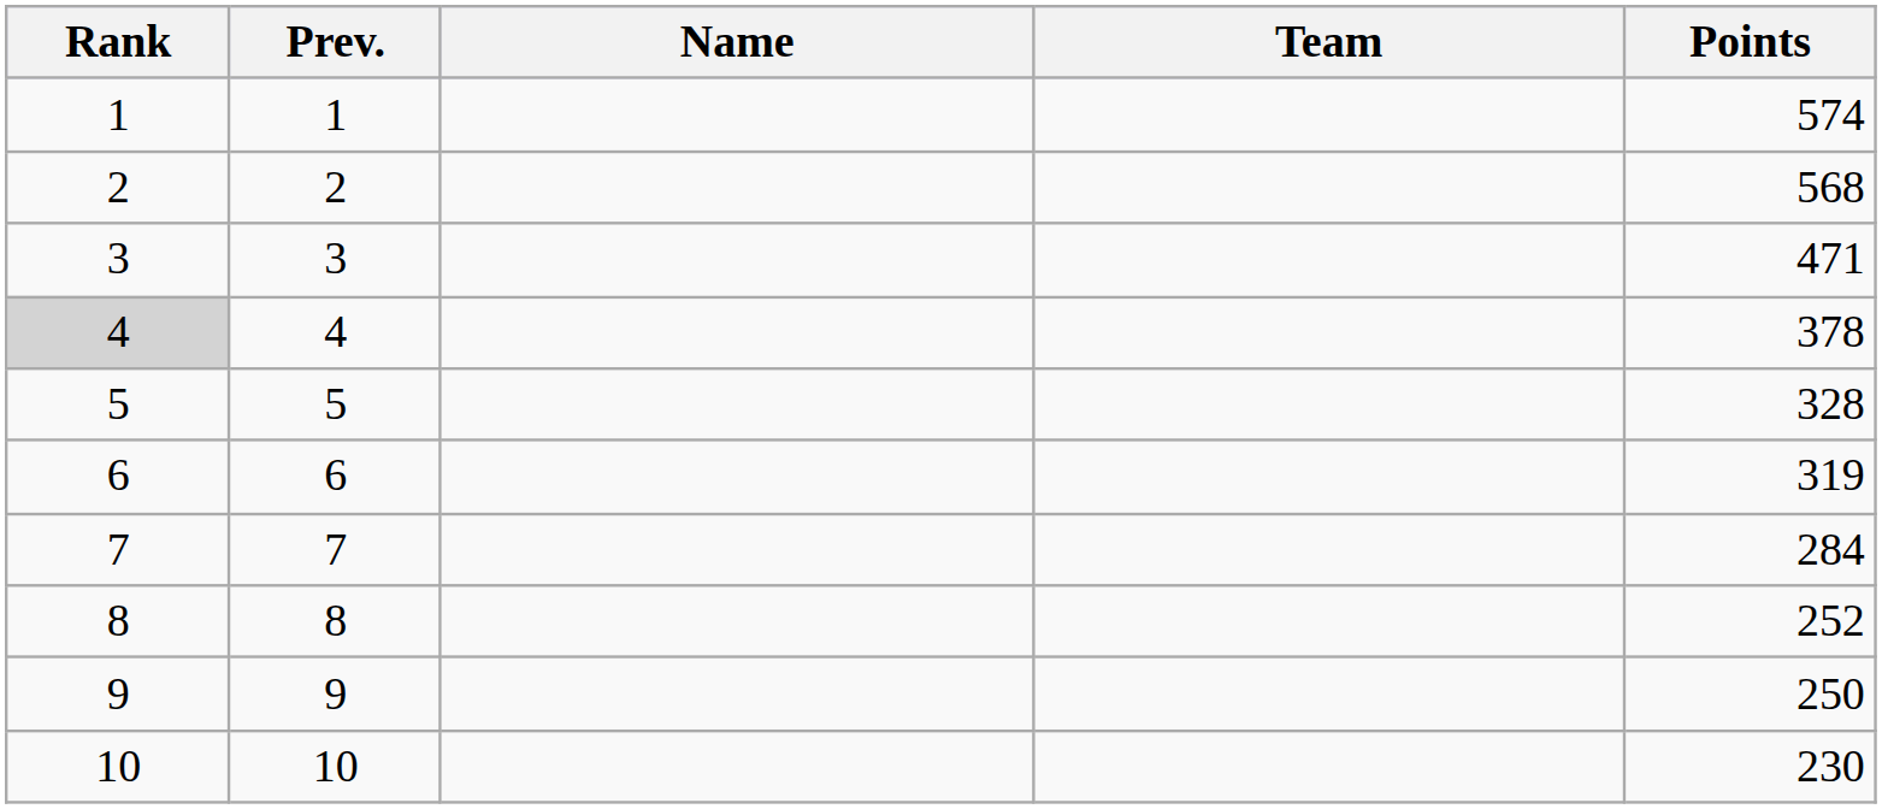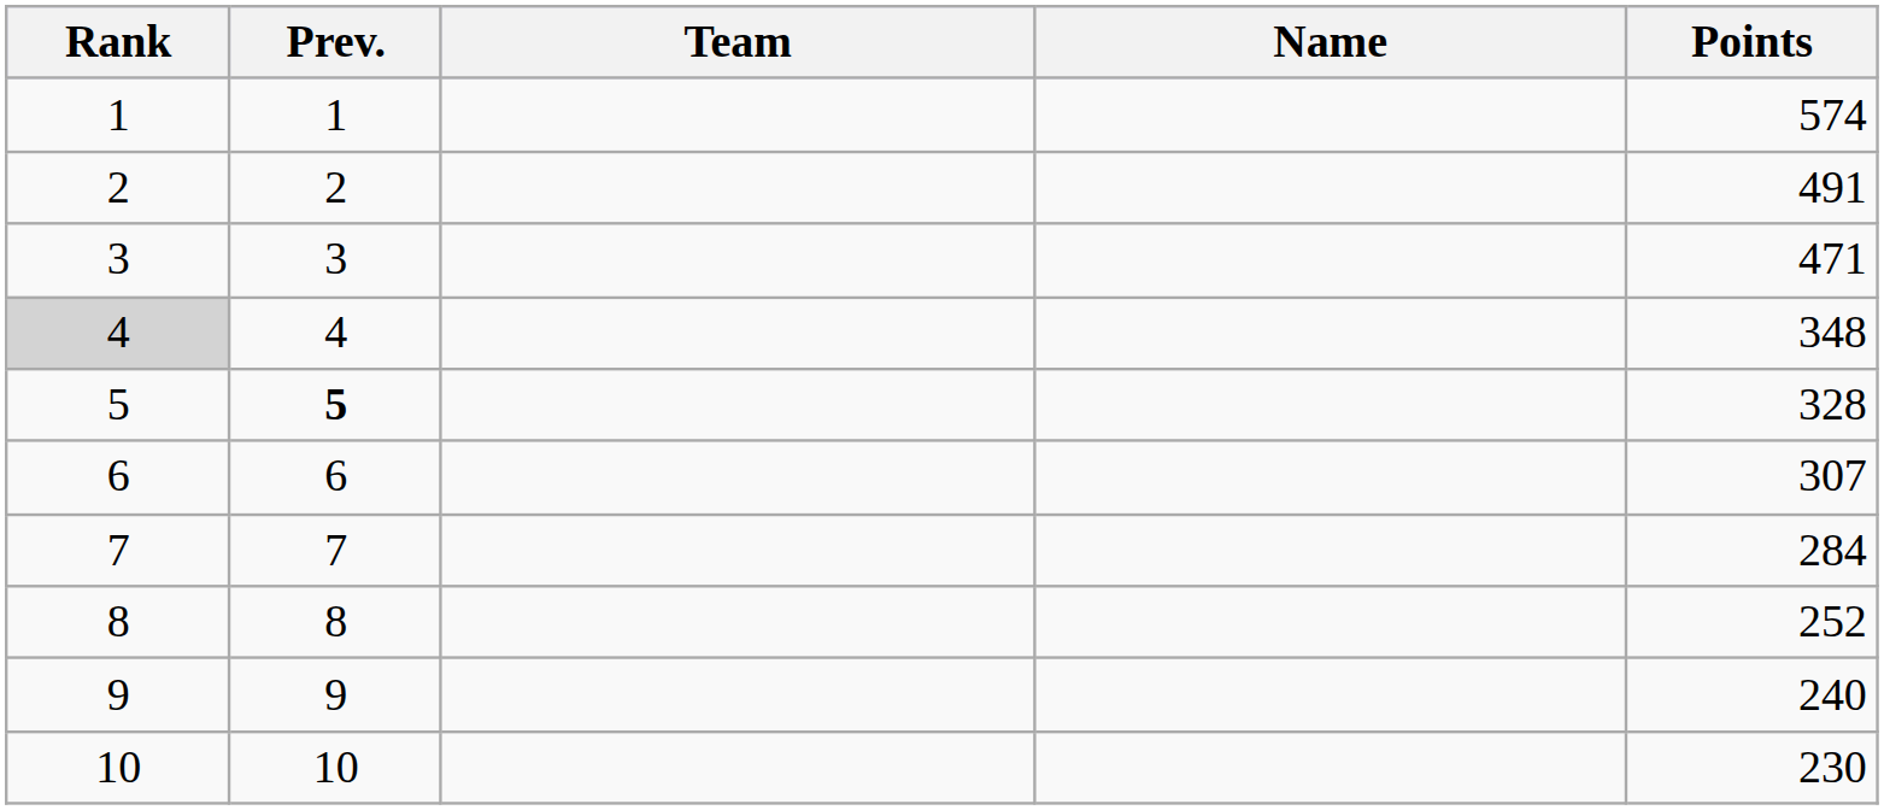 <table class="wikitable" style="width:41em; margin-bottom:0;">
 <tr style="background:#ccf;">
 <th>Rank</th>
 <th>Prev.</th>
+<th>Team</th>
 <th>Name</th>
-<th>Team</th>
 <th>Points</th>
 </tr>
 <tr>
 <td style="text-align:center;">1</td>
 <td style="text-align:center;">1</td>
 <td style="width:200px;"></td>
 <td style="width:200px;"></td>
 <td style="text-align:right;">574</td>
 </tr>
 <tr>
 <td style="text-align:center;">2</td>
 <td style="text-align:center;">2</td>
 <td style="width:200px;"></td>
 <td style="width:200px;"></td>
-<td style="text-align:right;">568</td>
+<td style="text-align:right;">491</td>
 </tr>
 <tr>
 <td style="text-align:center;">3</td>
 <td style="text-align:center;">3</td>
 <td style="width:200px;"></td>
 <td style="width:200px;"></td>
 <td style="text-align:right;">471</td>
 </tr>
 <tr>
 <td style="background: lightgrey; text-align:center;">4</td>
 <td style="text-align:center;">4</td>
 <td style="width:200px;"></td>
 <td style="width:200px;"></td>
-<td style="text-align:right;">378</td>
+<td style="text-align:right;">348</td>
 </tr>
 <tr>
 <td style="text-align:center;">5</td>
-<td style="text-align:center;">5</td>
+<td style="text-align:center;"><strong>5</strong></td>
 <td style="width:200px;"></td>
 <td style="width:200px;"></td>
 <td style="text-align:right;">328</td>
 </tr>
 <tr>
 <td style="text-align:center;">6</td>
 <td style="text-align:center;">6</td>
 <td style="width:200px;"></td>
 <td style="width:200px;"></td>
-<td style="text-align:right;">319</td>
+<td style="text-align:right;">307</td>
 </tr>
 <tr>
 <td style="text-align:center;">7</td>
 <td style="text-align:center;">7</td>
 <td style="width:200px;"></td>
 <td style="width:200px;"></td>
 <td style="text-align:right;">284</td>
 </tr>
 <tr>
 <td style="text-align:center;">8</td>
 <td style="text-align:center;">8</td>
 <td style="width:200px;"></td>
 <td style="width:200px;"></td>
 <td style="text-align:right;">252</td>
 </tr>
 <tr>
 <td style="text-align:center;">9</td>
 <td style="text-align:center;">9</td>
 <td style="width:200px;"></td>
 <td style="width:200px;"></td>
-<td style="text-align:right;">250</td>
+<td style="text-align:right;">240</td>
 </tr>
 <tr>
 <td style="text-align:center;">10</td>
 <td style="text-align:center;">10</td>
 <td style="width:200px;"></td>
 <td style="width:200px;"></td>
 <td style="text-align:right;">230</td>
 </tr>
 </table>
